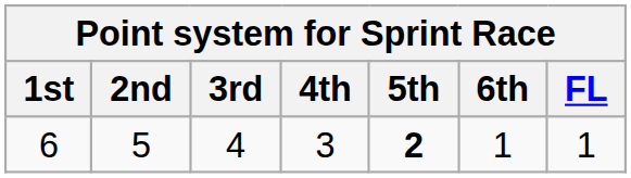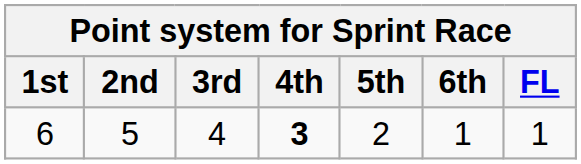 <table class="wikitable" style="font-size:95%; text-align:center">
 <tr>
 <th colspan="8">Point system for Sprint Race</th>
 </tr>
 <tr>
 <th> 1st </th>
 <th> 2nd </th>
 <th> 3rd </th>
 <th> 4th </th>
 <th> 5th </th>
 <th> 6th </th>
 <th> <strong><a href='#'>FL</a></strong> </th>
 </tr>
 <tr>
 <td>6</td>
 <td>5</td>
 <td>4</td>
-<td>3</td>
-<td><strong>2</strong></td>
+<td><strong>3</strong></td>
+<td>2</td>
 <td>1</td>
 <td>1</td>
 </tr>
 </table>
